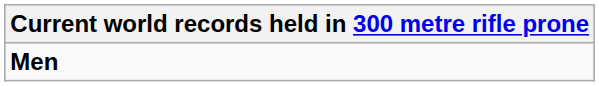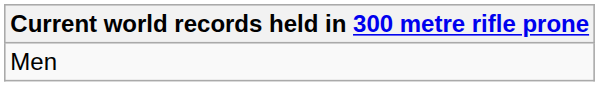 <table class="wikitable" style="font-size: 95%">
 <tr>
 <th colspan=9>Current world records held in <a href='#'>300 metre rifle prone</a></th>
 </tr>
 <tr>
-<td><strong>Men<br></strong></td>
+<td>Men<br></td>
 </tr>
 </table>
